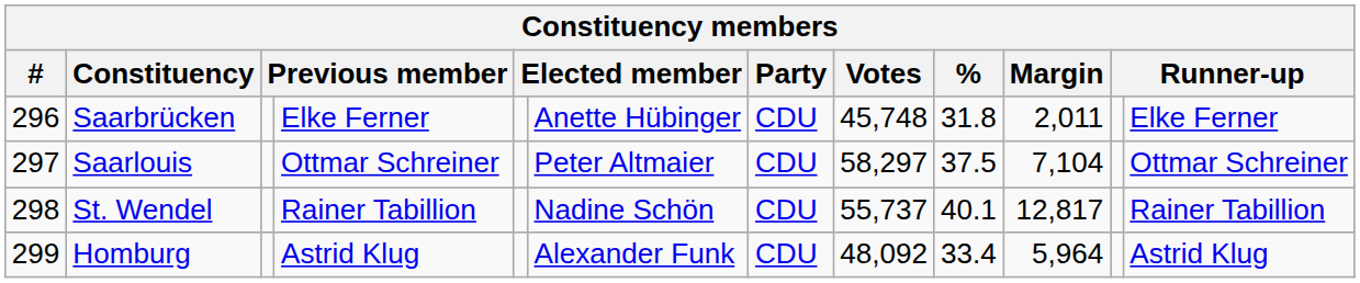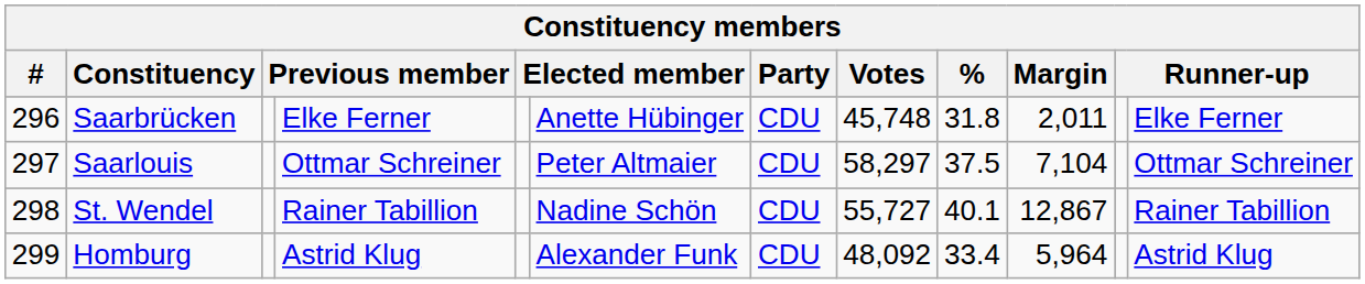 <table class="wikitable sortable" style="text-align:right">
 <tr>
 <th colspan="12">Constituency members</th>
 </tr>
 <tr>
 <th>#</th>
 <th>Constituency</th>
 <th colspan="2">Previous member</th>
 <th colspan="2">Elected member</th>
 <th>Party</th>
 <th>Votes</th>
 <th>%</th>
 <th>Margin</th>
 <th colspan="2">Runner-up</th>
 </tr>
 <tr>
 <td>296</td>
 <td align=left><a href='#'>Saarbrücken</a></td>
 <td bgcolor=></td>
 <td align=left><a href='#'>Elke Ferner</a></td>
 <td></td>
 <td align=left><a href='#'>Anette Hübinger</a></td>
 <td align="left"><a href='#'>CDU</a></td>
 <td>45,748</td>
 <td>31.8</td>
 <td>2,011</td>
 <td bgcolor=></td>
 <td align=left><a href='#'>Elke Ferner</a></td>
 </tr>
 <tr>
 <td>297</td>
 <td align=left><a href='#'>Saarlouis</a></td>
 <td bgcolor=></td>
 <td align=left><a href='#'>Ottmar Schreiner</a></td>
 <td bgcolor=></td>
 <td align=left><a href='#'>Peter Altmaier</a></td>
 <td align=left><a href='#'>CDU</a></td>
 <td>58,297</td>
 <td>37.5</td>
 <td>7,104</td>
 <td bgcolor=></td>
 <td align=left><a href='#'>Ottmar Schreiner</a></td>
 </tr>
 <tr>
 <td>298</td>
 <td align=left><a href='#'>St. Wendel</a></td>
 <td bgcolor=></td>
 <td align=left><a href='#'>Rainer Tabillion</a></td>
 <td></td>
 <td align=left><a href='#'>Nadine Schön</a></td>
 <td align=left><a href='#'>CDU</a></td>
-<td>55,737</td>
+<td>55,727</td>
 <td>40.1</td>
-<td>12,817</td>
+<td>12,867</td>
 <td bgcolor=></td>
 <td align=left><a href='#'>Rainer Tabillion</a></td>
 </tr>
 <tr>
 <td>299</td>
 <td align=left><a href='#'>Homburg</a></td>
 <td bgcolor=></td>
 <td align=left><a href='#'>Astrid Klug</a></td>
 <td></td>
 <td align=left><a href='#'>Alexander Funk</a></td>
 <td align="left"><a href='#'>CDU</a></td>
 <td>48,092</td>
 <td>33.4</td>
 <td>5,964</td>
 <td bgcolor=></td>
 <td align=left><a href='#'>Astrid Klug</a></td>
 </tr>
 </table>
